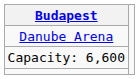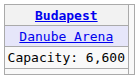 <table class="wikitable" style="text-align:center">
 <tr>
 <th><a href='#'>Budapest</a></th>
 <td rowspan=4></td>
 </tr>
 <tr>
-<td><a href='#'>Danube Arena</a></td>
+<td style="background: lavender;"><a href='#'>Danube Arena</a></td>
 </tr>
 <tr>
 <td>Capacity: 6,600</td>
 </tr>
 <tr>
 <td></td>
 </tr>
 </table>
